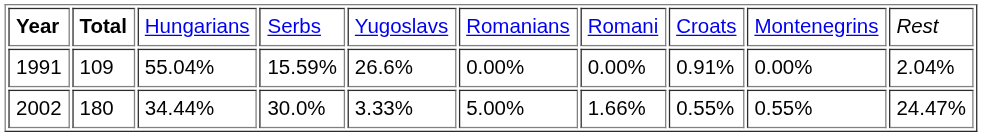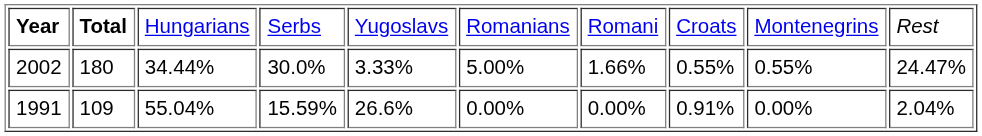 <table border="1" align="center" cellpadding="5">
 <tr ---->
 <td align="“left”"><strong>Year</strong></td>
 <td style="“font-family:Monospace;”"><strong>Total</strong></td>
 <td align="“left”"><a href='#'>Hungarians</a></td>
 <td align="“left”"><a href='#'>Serbs</a></td>
 <td align="“left”"><a href='#'>Yugoslavs</a></td>
 <td align="“left”"><a href='#'>Romanians</a></td>
 <td align="“left”"><a href='#'>Romani</a></td>
 <td align="“left”"><a href='#'>Croats</a></td>
 <td align="“left”"><a href='#'>Montenegrins</a></td>
 <td align="“left”"><em>Rest</em></td>
 </tr>
 <tr ---->
+<td align="“left”">2002</td>
+<td style="“font-family:Monospace;”">180</td>
+<td align="“left”">34.44%</td>
+<td align="“left”">30.0%</td>
+<td align="“left”">3.33%</td>
+<td align="“left”">5.00%</td>
+<td align="“left”">1.66%</td>
+<td align="“left”">0.55%</td>
+<td align="“left”">0.55%</td>
+<td align="“left”">24.47%</td>
+</tr>
+<tr ---->
 <td align="“left”">1991</td>
 <td style="“font-family:Monospace;”">109</td>
 <td align="“left”">55.04%</td>
 <td align="“left”">15.59%</td>
 <td align="“left”">26.6%</td>
 <td align="“left”">0.00%</td>
 <td align="“left”">0.00%</td>
 <td align="“left”">0.91%</td>
 <td align="“left”">0.00%</td>
 <td align="“left”">2.04%</td>
 </tr>
-<tr ---->
-<td align="“left”">2002</td>
-<td style="“font-family:Monospace;”">180</td>
-<td align="“left”">34.44%</td>
-<td align="“left”">30.0%</td>
-<td align="“left”">3.33%</td>
-<td align="“left”">5.00%</td>
-<td align="“left”">1.66%</td>
-<td align="“left”">0.55%</td>
-<td align="“left”">0.55%</td>
-<td align="“left”">24.47%</td>
-</tr>
 </table>
